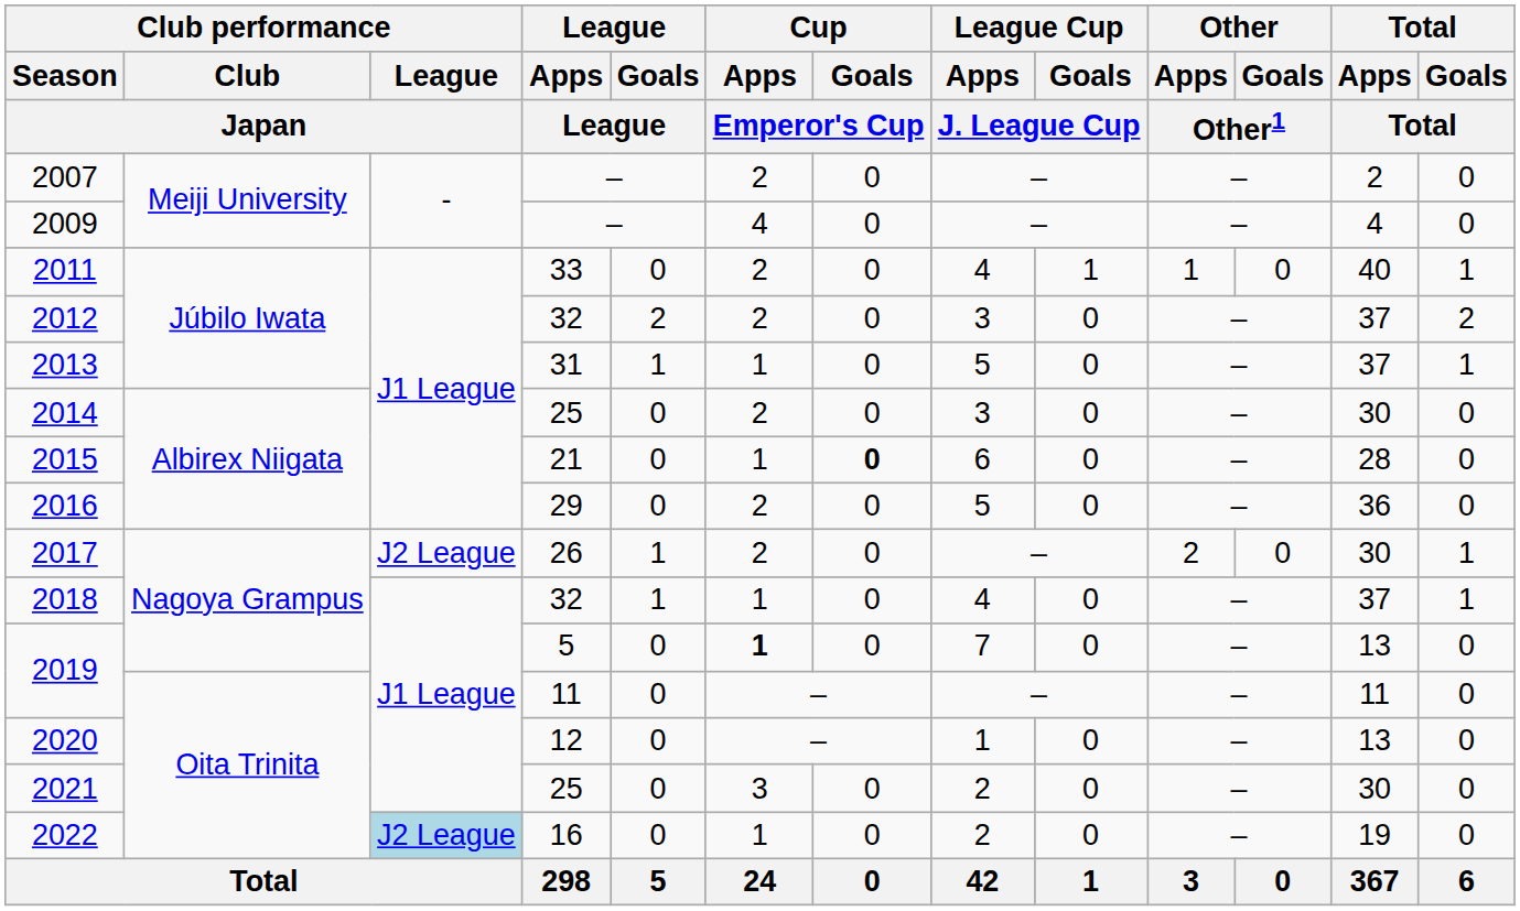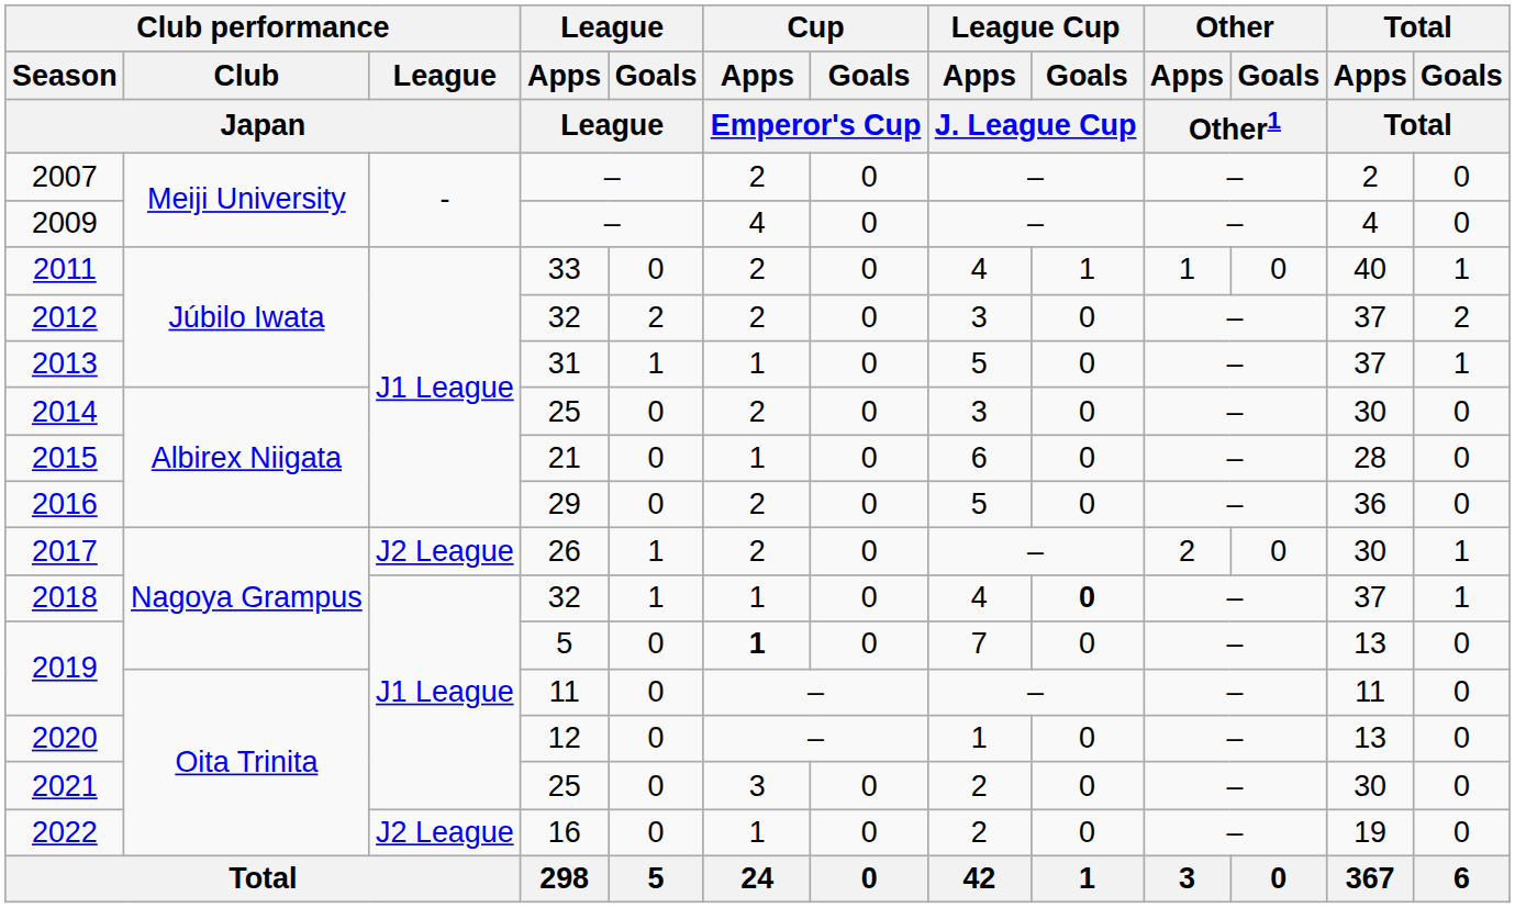 <table class="wikitable" style="text-align:center;">
 <tr>
 <th colspan=3>Club performance</th>
 <th colspan=2>League</th>
 <th colspan=2>Cup</th>
 <th colspan=2>League Cup</th>
 <th colspan=2>Other</th>
 <th colspan=2>Total</th>
 </tr>
 <tr>
 <th>Season</th>
 <th>Club</th>
 <th>League</th>
 <th>Apps</th>
 <th>Goals</th>
 <th>Apps</th>
 <th>Goals</th>
 <th>Apps</th>
 <th>Goals</th>
 <th>Apps</th>
 <th>Goals</th>
 <th>Apps</th>
 <th>Goals</th>
 </tr>
 <tr>
 <th colspan=3>Japan</th>
 <th colspan=2>League</th>
 <th colspan=2><a href='#'>Emperor's Cup</a></th>
 <th colspan=2><a href='#'>J. League Cup</a></th>
 <th colspan="2">Other<sup><a href='#'>1</a></sup></th>
 <th colspan=2>Total</th>
 </tr>
 <tr>
 <td>2007</td>
 <td rowspan="2"><a href='#'>Meiji University</a></td>
 <td rowspan="2">-</td>
 <td colspan="2">–</td>
 <td>2</td>
 <td>0</td>
 <td colspan="2">–</td>
 <td colspan="2">–</td>
 <td>2</td>
 <td>0</td>
 </tr>
 <tr>
 <td>2009</td>
 <td colspan="2">–</td>
 <td>4</td>
 <td>0</td>
 <td colspan="2">–</td>
 <td colspan="2">–</td>
 <td>4</td>
 <td>0</td>
 </tr>
 <tr>
 <td><a href='#'>2011</a></td>
 <td rowspan="3"><a href='#'>Júbilo Iwata</a></td>
 <td rowspan="6"><a href='#'>J1 League</a></td>
 <td>33</td>
 <td>0</td>
 <td>2</td>
 <td>0</td>
 <td>4</td>
 <td>1</td>
 <td>1</td>
 <td>0</td>
 <td>40</td>
 <td>1</td>
 </tr>
 <tr>
 <td><a href='#'>2012</a></td>
 <td>32</td>
 <td>2</td>
 <td>2</td>
 <td>0</td>
 <td>3</td>
 <td>0</td>
 <td colspan="2">–</td>
 <td>37</td>
 <td>2</td>
 </tr>
 <tr>
 <td><a href='#'>2013</a></td>
 <td>31</td>
 <td>1</td>
 <td>1</td>
 <td>0</td>
 <td>5</td>
 <td>0</td>
 <td colspan="2">–</td>
 <td>37</td>
 <td>1</td>
 </tr>
 <tr>
 <td><a href='#'>2014</a></td>
 <td rowspan="3"><a href='#'>Albirex Niigata</a></td>
 <td>25</td>
 <td>0</td>
 <td>2</td>
 <td>0</td>
 <td>3</td>
 <td>0</td>
 <td colspan="2">–</td>
 <td>30</td>
 <td>0</td>
 </tr>
 <tr>
 <td><a href='#'>2015</a></td>
 <td>21</td>
 <td>0</td>
 <td>1</td>
-<td><strong>0</strong></td>
+<td>0</td>
 <td>6</td>
 <td>0</td>
 <td colspan="2">–</td>
 <td>28</td>
 <td>0</td>
 </tr>
 <tr>
 <td><a href='#'>2016</a></td>
 <td>29</td>
 <td>0</td>
 <td>2</td>
 <td>0</td>
 <td>5</td>
 <td>0</td>
 <td colspan="2">–</td>
 <td>36</td>
 <td>0</td>
 </tr>
 <tr>
 <td><a href='#'>2017</a></td>
 <td rowspan="3"><a href='#'>Nagoya Grampus</a></td>
 <td><a href='#'>J2 League</a></td>
 <td>26</td>
 <td>1</td>
 <td>2</td>
 <td>0</td>
 <td colspan="2">–</td>
 <td>2</td>
 <td>0</td>
 <td>30</td>
 <td>1</td>
 </tr>
 <tr>
 <td><a href='#'>2018</a></td>
 <td rowspan="5"><a href='#'>J1 League</a></td>
 <td>32</td>
 <td>1</td>
 <td>1</td>
 <td>0</td>
 <td>4</td>
-<td>0</td>
+<td><strong>0</strong></td>
 <td colspan="2">–</td>
 <td>37</td>
 <td>1</td>
 </tr>
 <tr>
 <td rowspan="2"><a href='#'>2019</a></td>
 <td>5</td>
 <td>0</td>
 <td><strong>1</strong></td>
 <td>0</td>
 <td>7</td>
 <td>0</td>
 <td colspan="2">–</td>
 <td>13</td>
 <td>0</td>
 </tr>
 <tr>
 <td rowspan="4"><a href='#'>Oita Trinita</a></td>
 <td>11</td>
 <td>0</td>
 <td colspan="2">–</td>
 <td colspan="2">–</td>
 <td colspan="2">–</td>
 <td>11</td>
 <td>0</td>
 </tr>
 <tr>
 <td><a href='#'>2020</a></td>
 <td>12</td>
 <td>0</td>
 <td colspan="2">–</td>
 <td>1</td>
 <td>0</td>
 <td colspan="2">–</td>
 <td>13</td>
 <td>0</td>
 </tr>
 <tr>
 <td><a href='#'>2021</a></td>
 <td>25</td>
 <td>0</td>
 <td>3</td>
 <td>0</td>
 <td>2</td>
 <td>0</td>
 <td colspan="2">–</td>
 <td>30</td>
 <td>0</td>
 </tr>
 <tr>
 <td><a href='#'>2022</a></td>
-<td style="background: lightblue;"><a href='#'>J2 League</a></td>
+<td><a href='#'>J2 League</a></td>
 <td>16</td>
 <td>0</td>
 <td>1</td>
 <td>0</td>
 <td>2</td>
 <td>0</td>
 <td colspan="2">–</td>
 <td>19</td>
 <td>0</td>
 </tr>
 <tr>
 <th colspan="3">Total</th>
 <th>298</th>
 <th>5</th>
 <th>24</th>
 <th>0</th>
 <th>42</th>
 <th>1</th>
 <th>3</th>
 <th>0</th>
 <th>367</th>
 <th>6</th>
 </tr>
 </table>
